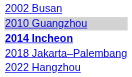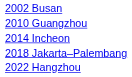 <table>
 <tr>
 <td><a href='#'>2002 Busan</a></td>
 <td></td>
 <td></td>
 <td></td>
 </tr>
 <tr>
-<td style="background: lightgrey;"><a href='#'>2010 Guangzhou</a></td>
+<td><a href='#'>2010 Guangzhou</a></td>
 <td></td>
 <td></td>
 <td></td>
 </tr>
 <tr>
-<td><strong><a href='#'>2014 Incheon</a></strong></td>
+<td><a href='#'>2014 Incheon</a></td>
 <td></td>
 <td></td>
 <td></td>
 </tr>
 <tr>
 <td><a href='#'>2018 Jakarta–Palembang</a></td>
 <td></td>
 <td></td>
 <td></td>
 </tr>
 <tr>
 <td><a href='#'>2022 Hangzhou</a></td>
 <td></td>
 <td></td>
 <td></td>
 </tr>
 </table>
